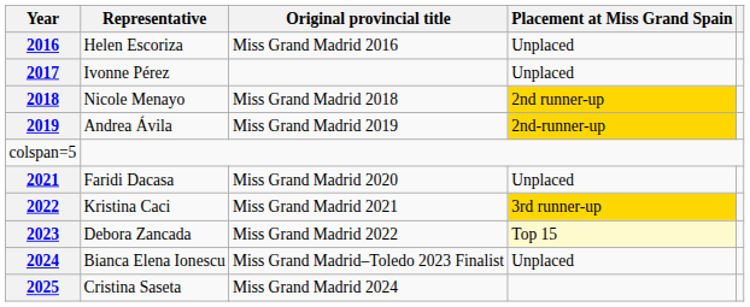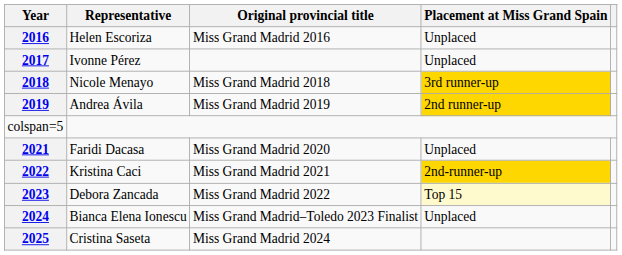 <table class="wikitable defaultcenter col2left" style="font-size:95%;">
 <tr>
 <th>Year</th>
 <th>Representative</th>
 <th>Original provincial title</th>
 <th>Placement at Miss Grand Spain</th>
 <th></th>
 </tr>
 <tr>
 <th><a href='#'>2016</a></th>
 <td>Helen Escoriza</td>
 <td>Miss Grand Madrid 2016</td>
 <td>Unplaced</td>
 <td></td>
 </tr>
 <tr>
 <th><a href='#'>2017</a></th>
 <td>Ivonne Pérez</td>
 <td></td>
 <td>Unplaced</td>
 <td></td>
 </tr>
 <tr>
 <th><a href='#'>2018</a></th>
 <td>Nicole Menayo</td>
 <td>Miss Grand Madrid 2018</td>
-<td bgcolor=gold>2nd runner-up</td>
+<td bgcolor=gold>3rd runner-up</td>
 <td></td>
 </tr>
 <tr>
 <th><a href='#'>2019</a></th>
 <td>Andrea Ávila</td>
 <td>Miss Grand Madrid 2019</td>
-<td bgcolor=gold>2nd-runner-up</td>
+<td bgcolor=gold>2nd runner-up</td>
 <td></td>
 </tr>
 <tr>
 <td>colspan=5 </td>
 </tr>
 <tr>
 <th><a href='#'>2021</a></th>
 <td>Faridi Dacasa</td>
 <td>Miss Grand Madrid 2020</td>
 <td>Unplaced</td>
 <td></td>
 </tr>
 <tr>
 <th><a href='#'>2022</a></th>
 <td>Kristina Caci</td>
 <td>Miss Grand Madrid 2021</td>
-<td bgcolor=gold>3rd runner-up</td>
+<td bgcolor=gold>2nd-runner-up</td>
 <td></td>
 </tr>
 <tr>
 <th><a href='#'>2023</a></th>
 <td>Debora Zancada</td>
 <td>Miss Grand Madrid 2022</td>
 <td bgcolor=#FFFACD>Top 15</td>
 <td></td>
 </tr>
 <tr>
 <th><a href='#'>2024</a></th>
 <td>Bianca Elena Ionescu</td>
 <td>Miss Grand Madrid–Toledo 2023 Finalist</td>
 <td>Unplaced</td>
 <td></td>
 </tr>
 <tr>
 <th><a href='#'>2025</a></th>
 <td>Cristina Saseta</td>
 <td>Miss Grand Madrid 2024</td>
 <td></td>
 <td></td>
 </tr>
 </table>
